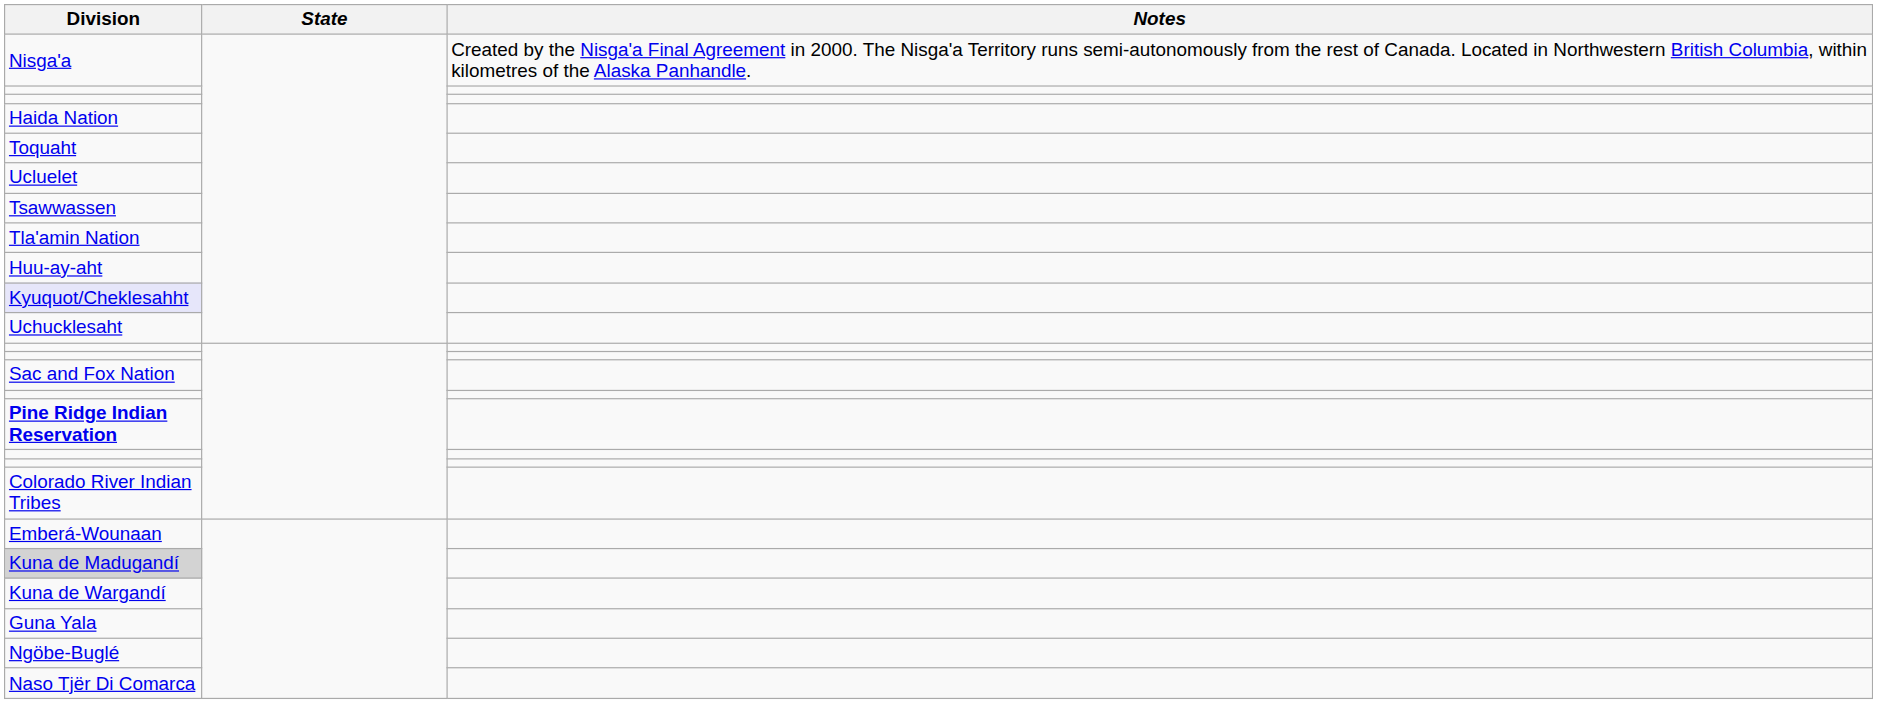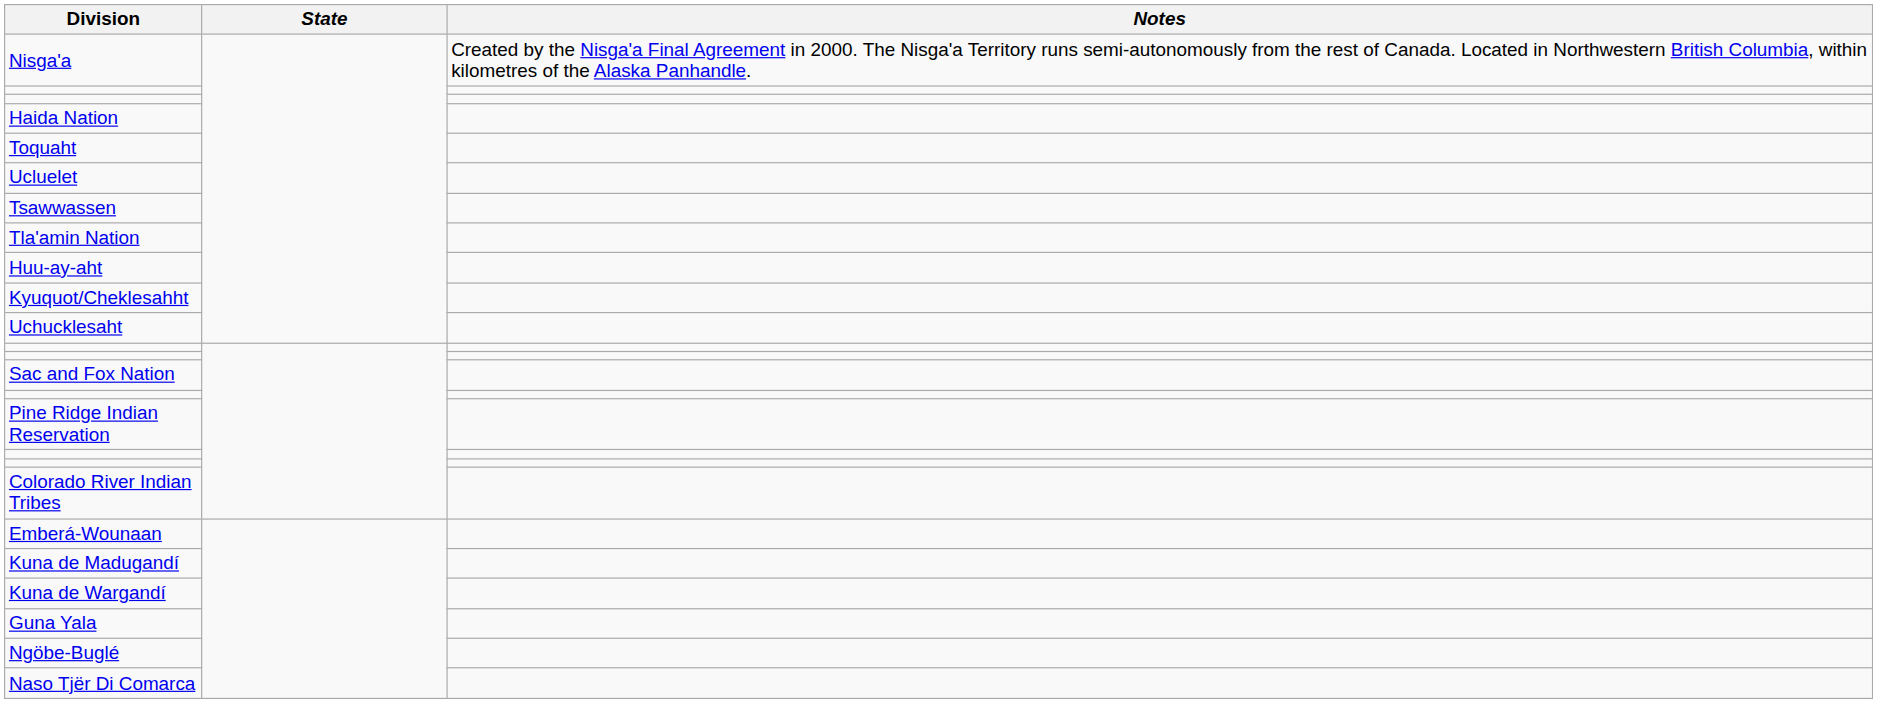 <table width="100%" class="wikitable">
 <tr>
 <th width="160px">Division</th>
 <th class="unsortable" width="200px"><em>State</em></th>
 <th class="unsortable"><em>Notes</em></th>
 </tr>
 <tr>
 <td><a href='#'>Nisga'a</a></td>
 <td rowspan="11"></td>
 <td>Created by the <a href='#'>Nisga'a Final Agreement</a> in 2000. The Nisga'a Territory runs semi-autonomously from the rest of Canada. Located in Northwestern <a href='#'>British Columbia</a>, within kilometres of the <a href='#'>Alaska Panhandle</a>.</td>
 </tr>
 <tr>
 <td></td>
 <td></td>
 </tr>
 <tr>
 <td></td>
 <td></td>
 </tr>
 <tr>
 <td><a href='#'>Haida Nation</a></td>
 <td></td>
 </tr>
 <tr>
 <td> <a href='#'>Toquaht</a></td>
 <td></td>
 </tr>
 <tr>
 <td> <a href='#'>Ucluelet</a></td>
 <td></td>
 </tr>
 <tr>
 <td><a href='#'>Tsawwassen</a></td>
 <td></td>
 </tr>
 <tr>
 <td><a href='#'>Tla'amin Nation</a></td>
 <td></td>
 </tr>
 <tr>
 <td><a href='#'>Huu-ay-aht</a></td>
 <td></td>
 </tr>
 <tr>
-<td style="background: lavender;"><a href='#'>Kyuquot/Cheklesahht</a></td>
+<td><a href='#'>Kyuquot/Cheklesahht</a></td>
 <td></td>
 </tr>
 <tr>
 <td><a href='#'>Uchucklesaht</a></td>
 <td></td>
 </tr>
 <tr>
 <td></td>
 <td rowspan="8"></td>
 <td></td>
 </tr>
 <tr>
 <td></td>
 <td></td>
 </tr>
 <tr>
 <td> <a href='#'>Sac and Fox Nation</a></td>
 <td></td>
 </tr>
 <tr>
 <td></td>
 <td></td>
 </tr>
 <tr>
-<td><strong> <a href='#'>Pine Ridge Indian Reservation</a></strong></td>
+<td> <a href='#'>Pine Ridge Indian Reservation</a></td>
 <td></td>
 </tr>
 <tr>
 <td></td>
 <td></td>
 </tr>
 <tr>
 <td></td>
 <td></td>
 </tr>
 <tr>
 <td> <a href='#'>Colorado River Indian Tribes</a></td>
 <td></td>
 </tr>
 <tr>
 <td><a href='#'>Emberá-Wounaan</a></td>
 <td rowspan="6"></td>
 <td></td>
 </tr>
 <tr>
-<td style="background: lightgrey;"><a href='#'>Kuna de Madugandí</a></td>
+<td><a href='#'>Kuna de Madugandí</a></td>
 <td></td>
 </tr>
 <tr>
 <td><a href='#'>Kuna de Wargandí</a></td>
 <td></td>
 </tr>
 <tr>
 <td> <a href='#'>Guna Yala</a></td>
 <td></td>
 </tr>
 <tr>
 <td> <a href='#'>Ngöbe-Buglé</a></td>
 <td></td>
 </tr>
 <tr>
 <td> <a href='#'>Naso Tjër Di Comarca</a></td>
 <td></td>
 </tr>
 </table>
